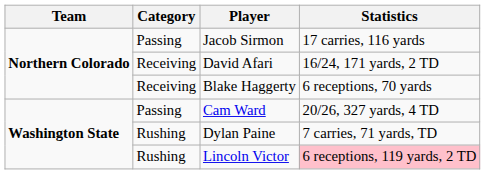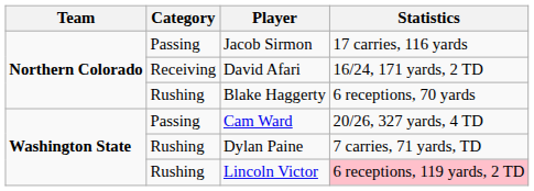 <table class="wikitable" style="float: right;">
 <tr>
 <th>Team</th>
 <th>Category</th>
 <th>Player</th>
 <th>Statistics</th>
 </tr>
 <tr>
 <td rowspan=3><strong>Northern Colorado</strong></td>
 <td>Passing</td>
 <td>Jacob Sirmon</td>
 <td>17 carries, 116 yards</td>
 </tr>
 <tr>
 <td>Receiving</td>
 <td>David Afari</td>
 <td>16/24, 171 yards, 2 TD</td>
 </tr>
 <tr>
-<td>Receiving</td>
+<td>Rushing</td>
 <td>Blake Haggerty</td>
 <td>6 receptions, 70 yards</td>
 </tr>
 <tr>
 <td rowspan=3><strong>Washington State</strong></td>
 <td>Passing</td>
 <td><a href='#'>Cam Ward</a></td>
 <td>20/26, 327 yards, 4 TD</td>
 </tr>
 <tr>
 <td>Rushing</td>
 <td>Dylan Paine</td>
 <td>7 carries, 71 yards, TD</td>
 </tr>
 <tr>
 <td>Rushing</td>
 <td><a href='#'>Lincoln Victor</a></td>
 <td style="background: pink;">6 receptions, 119 yards, 2 TD</td>
 </tr>
 </table>
